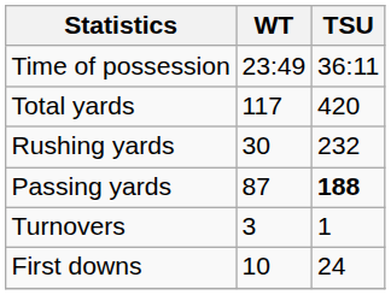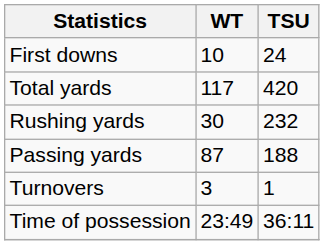 <table class="wikitable">
 <tr>
 <th>Statistics</th>
 <th>WT</th>
 <th>TSU</th>
 </tr>
 <tr>
-<td>Time of possession</td>
-<td>23:49</td>
-<td>36:11</td>
+<td>First downs</td>
+<td>10</td>
+<td>24</td>
 </tr>
 <tr>
 <td>Total yards</td>
 <td>117</td>
 <td>420</td>
 </tr>
 <tr>
 <td>Rushing yards</td>
 <td>30</td>
 <td>232</td>
 </tr>
 <tr>
 <td>Passing yards</td>
 <td>87</td>
-<td><strong>188</strong></td>
+<td>188</td>
 </tr>
 <tr>
 <td>Turnovers</td>
 <td>3</td>
 <td>1</td>
 </tr>
 <tr>
-<td>First downs</td>
-<td>10</td>
-<td>24</td>
+<td>Time of possession</td>
+<td>23:49</td>
+<td>36:11</td>
 </tr>
 <tr>
 </tr>
 </table>
